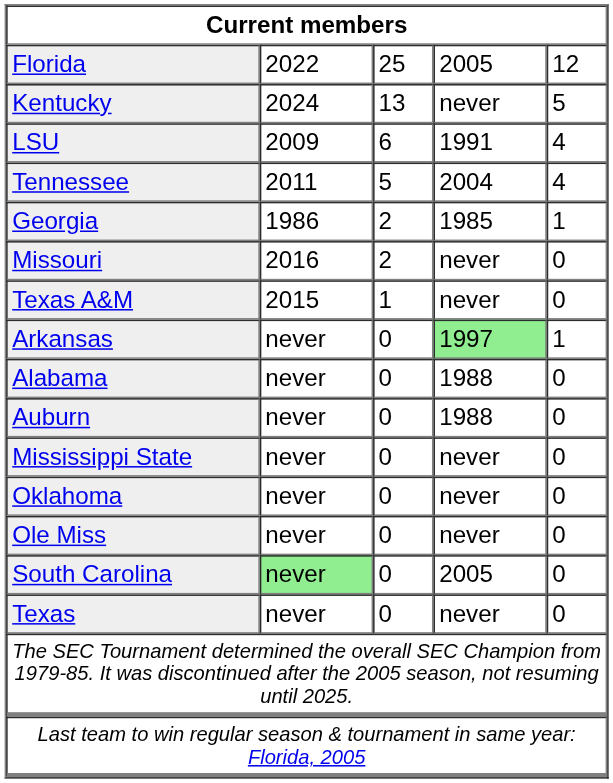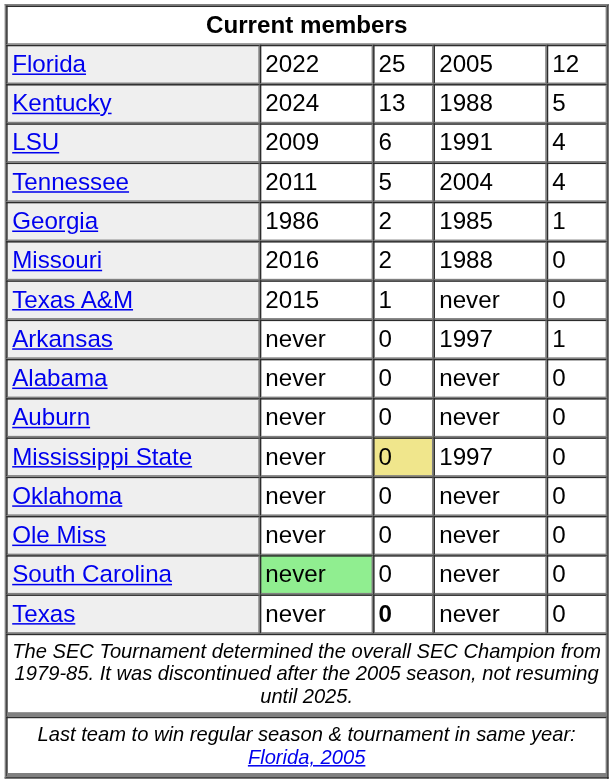 <table border="1" cellpadding="3" cellspacing="0" align="right" width="400px">
 <tr>
 </tr>
 <tr>
 <td colspan=5 align="center"><strong>Current members</strong></td>
 </tr>
 <tr>
 <td bgcolor="#efefef"><a href='#'>Florida</a></td>
 <td>2022</td>
 <td>25</td>
 <td>2005</td>
 <td>12</td>
 </tr>
 <tr>
 <td bgcolor="#efefef"><a href='#'>Kentucky</a></td>
 <td>2024</td>
 <td>13</td>
-<td>never</td>
+<td>1988</td>
 <td>5</td>
 </tr>
 <tr>
 <td bgcolor="#efefef"><a href='#'>LSU</a></td>
 <td>2009</td>
 <td>6</td>
 <td>1991</td>
 <td>4</td>
 </tr>
 <tr>
 <td bgcolor="#efefef"><a href='#'>Tennessee</a></td>
 <td>2011</td>
 <td>5</td>
 <td>2004</td>
 <td>4</td>
 </tr>
 <tr>
 <td bgcolor="#efefef"><a href='#'>Georgia</a></td>
 <td>1986</td>
 <td>2</td>
 <td>1985</td>
 <td>1</td>
 </tr>
 <tr>
 <td bgcolor="#efefef"><a href='#'>Missouri</a></td>
 <td>2016</td>
 <td>2</td>
-<td>never</td>
+<td>1988</td>
 <td>0</td>
 </tr>
 <tr>
 <td bgcolor="#efefef"><a href='#'>Texas A&M</a></td>
 <td>2015</td>
 <td>1</td>
 <td>never</td>
 <td>0</td>
 </tr>
 <tr>
 <td bgcolor="#efefef"><a href='#'>Arkansas</a></td>
 <td>never</td>
 <td>0</td>
-<td style="background: lightgreen;">1997</td>
+<td>1997</td>
 <td>1</td>
 </tr>
 <tr>
 <td bgcolor="#efefef"><a href='#'>Alabama</a></td>
 <td>never</td>
 <td>0</td>
-<td>1988</td>
+<td>never</td>
 <td>0</td>
 </tr>
 <tr>
 <td bgcolor="#efefef"><a href='#'>Auburn</a></td>
 <td>never</td>
 <td>0</td>
-<td>1988</td>
+<td>never</td>
 <td>0</td>
 </tr>
 <tr>
 <td bgcolor="#efefef"><a href='#'>Mississippi State</a></td>
 <td>never</td>
-<td>0</td>
-<td>never</td>
+<td style="background: khaki;">0</td>
+<td>1997</td>
 <td>0</td>
 </tr>
 <tr>
 <td bgcolor="#efefef"><a href='#'>Oklahoma</a></td>
 <td>never</td>
 <td>0</td>
 <td>never</td>
 <td>0</td>
 </tr>
 <tr>
 <td bgcolor="#efefef"><a href='#'>Ole Miss</a></td>
 <td>never</td>
 <td>0</td>
 <td>never</td>
 <td>0</td>
 </tr>
 <tr>
 <td bgcolor="#efefef"><a href='#'>South Carolina</a></td>
 <td style="background: lightgreen;">never</td>
 <td>0</td>
-<td>2005</td>
+<td>never</td>
 <td>0</td>
 </tr>
 <tr>
 <td bgcolor="#efefef"><a href='#'>Texas</a></td>
 <td>never</td>
-<td>0</td>
+<td><strong>0</strong></td>
 <td>never</td>
 <td>0</td>
 </tr>
 <tr>
 <td align="center" colspan=5 style="border-bottom:3px solid gray; font-size:smaller"><em>The SEC Tournament determined the overall SEC Champion from 1979-85. It was discontinued after the 2005 season, not resuming until 2025.</em></td>
 </tr>
 <tr>
 <td align="center" colspan=5 style="border-bottom:3px solid gray; font-size:smaller"><em>Last team to win regular season & tournament in same year: <a href='#'>Florida, 2005</a></em></td>
 </tr>
 </table>
